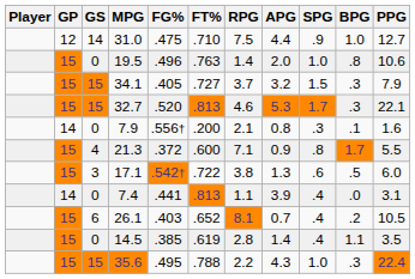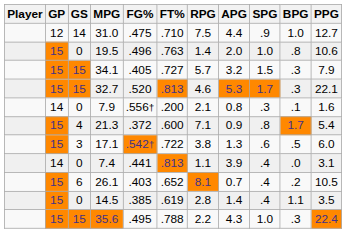 <table class="wikitable sortable" style="font-size:90%; text-align:center; white-space:nowrap;">
 <tr>
 <th>Player</th>
 <th>GP</th>
 <th>GS</th>
 <th>MPG</th>
 <th>FG%</th>
 <th>FT%</th>
 <th>RPG</th>
 <th>APG</th>
 <th>SPG</th>
 <th>BPG</th>
 <th>PPG</th>
 </tr>
 <tr align="center" bgcolor="">
 <td></td>
 <td>12</td>
 <td>14</td>
 <td>31.0</td>
 <td>.475</td>
 <td>.710</td>
 <td>7.5</td>
 <td>4.4</td>
 <td>.9</td>
 <td>1.0</td>
 <td>12.7</td>
 </tr>
 <tr align="center" bgcolor="#f0f0f0">
 <td></td>
 <td style="background:#FF8800;color:#423189;">15</td>
 <td>0</td>
 <td>19.5</td>
 <td>.496</td>
 <td>.763</td>
 <td>1.4</td>
 <td>2.0</td>
 <td>1.0</td>
 <td>.8</td>
 <td>10.6</td>
 </tr>
 <tr align="center" bgcolor="">
 <td></td>
 <td style="background:#FF8800;color:#423189;">15</td>
 <td style="background:#FF8800;color:#423189;">15</td>
 <td>34.1</td>
 <td>.405</td>
 <td>.727</td>
-<td>3.7</td>
+<td>5.7</td>
 <td>3.2</td>
 <td>1.5</td>
 <td>.3</td>
 <td>7.9</td>
 </tr>
 <tr align="center" bgcolor="#f0f0f0">
 <td></td>
 <td style="background:#FF8800;color:#423189;">15</td>
 <td style="background:#FF8800;color:#423189;">15</td>
 <td>32.7</td>
 <td>.520</td>
 <td style="background:#FF8800;color:#423189;">.813</td>
 <td>4.6</td>
 <td style="background:#FF8800;color:#423189;">5.3</td>
 <td style="background:#FF8800;color:#423189;">1.7</td>
 <td>.3</td>
 <td>22.1</td>
 </tr>
 <tr align="center" bgcolor="">
 <td></td>
 <td>14</td>
 <td>0</td>
 <td>7.9</td>
 <td>.556<small>†</small></td>
 <td>.200</td>
 <td>2.1</td>
 <td>0.8</td>
 <td>.3</td>
 <td>.1</td>
 <td>1.6</td>
 </tr>
 <tr align="center" bgcolor="#f0f0f0">
 <td></td>
 <td style="background:#FF8800;color:#423189;">15</td>
 <td>4</td>
 <td>21.3</td>
 <td>.372</td>
 <td>.600</td>
 <td>7.1</td>
 <td>0.9</td>
 <td>.8</td>
 <td style="background:#FF8800;color:#423189;">1.7</td>
-<td>5.5</td>
+<td>5.4</td>
 </tr>
 <tr align="center" bgcolor="">
 <td></td>
 <td style="background:#FF8800;color:#423189;">15</td>
 <td>3</td>
 <td>17.1</td>
 <td style="background:#FF8800;color:#423189;">.542<small>†</small></td>
 <td>.722</td>
 <td>3.8</td>
 <td>1.3</td>
 <td>.6</td>
 <td>.5</td>
 <td>6.0</td>
 </tr>
 <tr align="center" bgcolor="#f0f0f0">
 <td></td>
 <td>14</td>
 <td>0</td>
 <td>7.4</td>
 <td>.441</td>
 <td style="background:#FF8800;color:#423189;">.813</td>
 <td>1.1</td>
 <td>3.9</td>
 <td>.4</td>
 <td>.0</td>
 <td>3.1</td>
 </tr>
 <tr align="center" bgcolor="">
 <td></td>
 <td style="background:#FF8800;color:#423189;">15</td>
 <td>6</td>
 <td>26.1</td>
 <td>.403</td>
 <td>.652</td>
 <td style="background:#FF8800;color:#423189;">8.1</td>
 <td>0.7</td>
 <td>.4</td>
 <td>.2</td>
 <td>10.5</td>
 </tr>
 <tr align="center" bgcolor="#f0f0f0">
 <td></td>
 <td style="background:#FF8800;color:#423189;">15</td>
 <td>0</td>
 <td>14.5</td>
 <td>.385</td>
 <td>.619</td>
 <td>2.8</td>
 <td>1.4</td>
 <td>.4</td>
 <td>1.1</td>
 <td>3.5</td>
 </tr>
 <tr align="center" bgcolor="">
 <td></td>
 <td style="background:#FF8800;color:#423189;">15</td>
 <td style="background:#FF8800;color:#423189;">15</td>
 <td style="background:#FF8800;color:#423189;">35.6</td>
 <td>.495</td>
 <td>.788</td>
 <td>2.2</td>
 <td>4.3</td>
 <td>1.0</td>
 <td>.3</td>
 <td style="background:#FF8800;color:#423189;">22.4</td>
 </tr>
 </table>
